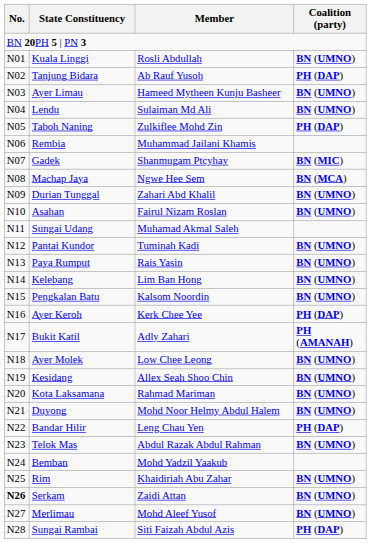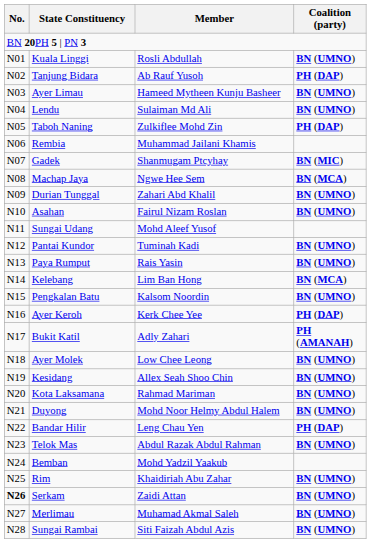 <table class="wikitable sortable">
 <tr>
 <th style="width:30px;">No.</th>
 <th style="width:150px;">State Constituency</th>
 <th style="width:230px;">Member</th>
 <th style="width:100px;">Coalition (party)</th>
 </tr>
 <tr>
 <td colspan="4"><a href='#'>BN</a> <strong>20</strong><a href='#'>PH</a> <strong>5</strong> | <a href='#'>PN</a> <strong>3</strong></td>
 </tr>
 <tr>
 <td>N01</td>
 <td><a href='#'>Kuala Linggi</a></td>
 <td><a href='#'>Rosli Abdullah</a></td>
 <td><strong><a href='#'>BN</a></strong> (<strong><a href='#'>UMNO</a></strong>)</td>
 </tr>
 <tr>
 <td>N02</td>
 <td><a href='#'>Tanjung Bidara</a></td>
 <td><a href='#'>Ab Rauf Yusoh</a></td>
 <td><strong><a href='#'>PH</a></strong> (<strong><a href='#'>DAP</a></strong>)</td>
 </tr>
 <tr>
 <td>N03</td>
 <td><a href='#'>Ayer Limau</a></td>
 <td><a href='#'>Hameed Mytheen Kunju Basheer</a></td>
 <td><strong><a href='#'>BN</a></strong> (<strong><a href='#'>UMNO</a></strong>)</td>
 </tr>
 <tr>
 <td>N04</td>
 <td><a href='#'>Lendu</a></td>
 <td><a href='#'>Sulaiman Md Ali</a></td>
 <td><strong><a href='#'>BN</a></strong> (<strong><a href='#'>UMNO</a></strong>)</td>
 </tr>
 <tr>
 <td>N05</td>
 <td><a href='#'>Taboh Naning</a></td>
 <td><a href='#'>Zulkiflee Mohd Zin</a></td>
 <td><strong><a href='#'>PH</a></strong> (<strong><a href='#'>DAP</a></strong>)</td>
 </tr>
 <tr>
 <td>N06</td>
 <td><a href='#'>Rembia</a></td>
 <td><a href='#'>Muhammad Jailani Khamis</a></td>
 <td></td>
 </tr>
 <tr>
 <td>N07</td>
 <td><a href='#'>Gadek</a></td>
 <td><a href='#'>Shanmugam Ptcyhay</a></td>
 <td><strong><a href='#'>BN</a></strong> (<strong><a href='#'>MIC</a></strong>)</td>
 </tr>
 <tr>
 <td>N08</td>
 <td><a href='#'>Machap Jaya</a></td>
 <td><a href='#'>Ngwe Hee Sem</a></td>
 <td><strong><a href='#'>BN</a></strong> (<strong><a href='#'>MCA</a></strong>)</td>
 </tr>
 <tr>
 <td>N09</td>
 <td><a href='#'>Durian Tunggal</a></td>
 <td><a href='#'>Zahari Abd Khalil</a></td>
 <td><strong><a href='#'>BN</a></strong> (<strong><a href='#'>UMNO</a></strong>)</td>
 </tr>
 <tr>
 <td>N10</td>
 <td><a href='#'>Asahan</a></td>
 <td><a href='#'>Fairul Nizam Roslan</a></td>
 <td><strong><a href='#'>BN</a></strong> (<strong><a href='#'>UMNO</a></strong>)</td>
 </tr>
 <tr>
 <td>N11</td>
 <td><a href='#'>Sungai Udang</a></td>
-<td><a href='#'>Muhamad Akmal Saleh</a></td>
+<td><a href='#'>Mohd Aleef Yusof</a></td>
 <td></td>
 </tr>
 <tr>
 <td>N12</td>
 <td><a href='#'>Pantai Kundor</a></td>
 <td><a href='#'>Tuminah Kadi</a></td>
 <td><strong><a href='#'>BN</a></strong> (<strong><a href='#'>UMNO</a></strong>)</td>
 </tr>
 <tr>
 <td>N13</td>
 <td><a href='#'>Paya Rumput</a></td>
 <td><a href='#'>Rais Yasin</a></td>
 <td><strong><a href='#'>BN</a></strong> (<strong><a href='#'>UMNO</a></strong>)</td>
 </tr>
 <tr>
 <td>N14</td>
 <td><a href='#'>Kelebang</a></td>
 <td><a href='#'>Lim Ban Hong</a></td>
-<td><strong><a href='#'>BN</a></strong> (<strong><a href='#'>UMNO</a></strong>)</td>
+<td><strong><a href='#'>BN</a></strong> (<strong><a href='#'>MCA</a></strong>)</td>
 </tr>
 <tr>
 <td>N15</td>
 <td><a href='#'>Pengkalan Batu</a></td>
 <td><a href='#'>Kalsom Noordin</a></td>
 <td><strong><a href='#'>BN</a></strong> (<strong><a href='#'>UMNO</a></strong>)</td>
 </tr>
 <tr>
 <td>N16</td>
 <td><a href='#'>Ayer Keroh</a></td>
 <td><a href='#'>Kerk Chee Yee</a></td>
 <td><strong><a href='#'>PH</a></strong> (<strong><a href='#'>DAP</a></strong>)</td>
 </tr>
 <tr>
 <td>N17</td>
 <td><a href='#'>Bukit Katil</a></td>
 <td><a href='#'>Adly Zahari</a></td>
 <td><strong><a href='#'>PH</a></strong> (<strong><a href='#'>AMANAH</a></strong>)</td>
 </tr>
 <tr>
 <td>N18</td>
 <td><a href='#'>Ayer Molek</a></td>
 <td><a href='#'>Low Chee Leong</a></td>
 <td><strong><a href='#'>BN</a></strong> (<strong><a href='#'>UMNO</a></strong>)</td>
 </tr>
 <tr>
 <td>N19</td>
 <td><a href='#'>Kesidang</a></td>
 <td><a href='#'>Allex Seah Shoo Chin</a></td>
 <td><strong><a href='#'>BN</a></strong> (<strong><a href='#'>UMNO</a></strong>)</td>
 </tr>
 <tr>
 <td>N20</td>
 <td><a href='#'>Kota Laksamana</a></td>
 <td><a href='#'>Rahmad Mariman</a></td>
 <td><strong><a href='#'>BN</a></strong> (<strong><a href='#'>UMNO</a></strong>)</td>
 </tr>
 <tr>
 <td>N21</td>
 <td><a href='#'>Duyong</a></td>
 <td><a href='#'>Mohd Noor Helmy Abdul Halem</a></td>
 <td><strong><a href='#'>BN</a></strong> (<strong><a href='#'>UMNO</a></strong>)</td>
 </tr>
 <tr>
 <td>N22</td>
 <td><a href='#'>Bandar Hilir</a></td>
 <td><a href='#'>Leng Chau Yen</a></td>
 <td><strong><a href='#'>PH</a></strong> (<strong><a href='#'>DAP</a></strong>)</td>
 </tr>
 <tr>
 <td>N23</td>
 <td><a href='#'>Telok Mas</a></td>
 <td><a href='#'>Abdul Razak Abdul Rahman</a></td>
 <td><strong><a href='#'>BN</a></strong> (<strong><a href='#'>UMNO</a></strong>)</td>
 </tr>
 <tr>
 <td>N24</td>
 <td><a href='#'>Bemban</a></td>
 <td><a href='#'>Mohd Yadzil Yaakub</a></td>
 <td></td>
 </tr>
 <tr>
 <td>N25</td>
 <td><a href='#'>Rim</a></td>
 <td><a href='#'>Khaidiriah Abu Zahar</a></td>
 <td><strong><a href='#'>BN</a></strong> (<strong><a href='#'>UMNO</a></strong>)</td>
 </tr>
 <tr>
 <td><strong>N26</strong></td>
 <td><a href='#'>Serkam</a></td>
 <td><a href='#'>Zaidi Attan</a></td>
 <td><strong><a href='#'>BN</a></strong> (<strong><a href='#'>UMNO</a></strong>)</td>
 </tr>
 <tr>
 <td>N27</td>
 <td><a href='#'>Merlimau</a></td>
-<td><a href='#'>Mohd Aleef Yusof</a></td>
+<td><a href='#'>Muhamad Akmal Saleh</a></td>
 <td><strong><a href='#'>BN</a></strong> (<strong><a href='#'>UMNO</a></strong>)</td>
 </tr>
 <tr>
 <td>N28</td>
 <td><a href='#'>Sungai Rambai</a></td>
 <td><a href='#'>Siti Faizah Abdul Azis</a></td>
-<td><strong><a href='#'>PH</a></strong> (<strong><a href='#'>DAP</a></strong>)</td>
+<td><strong><a href='#'>BN</a></strong> (<strong><a href='#'>UMNO</a></strong>)</td>
 </tr>
 </table>
